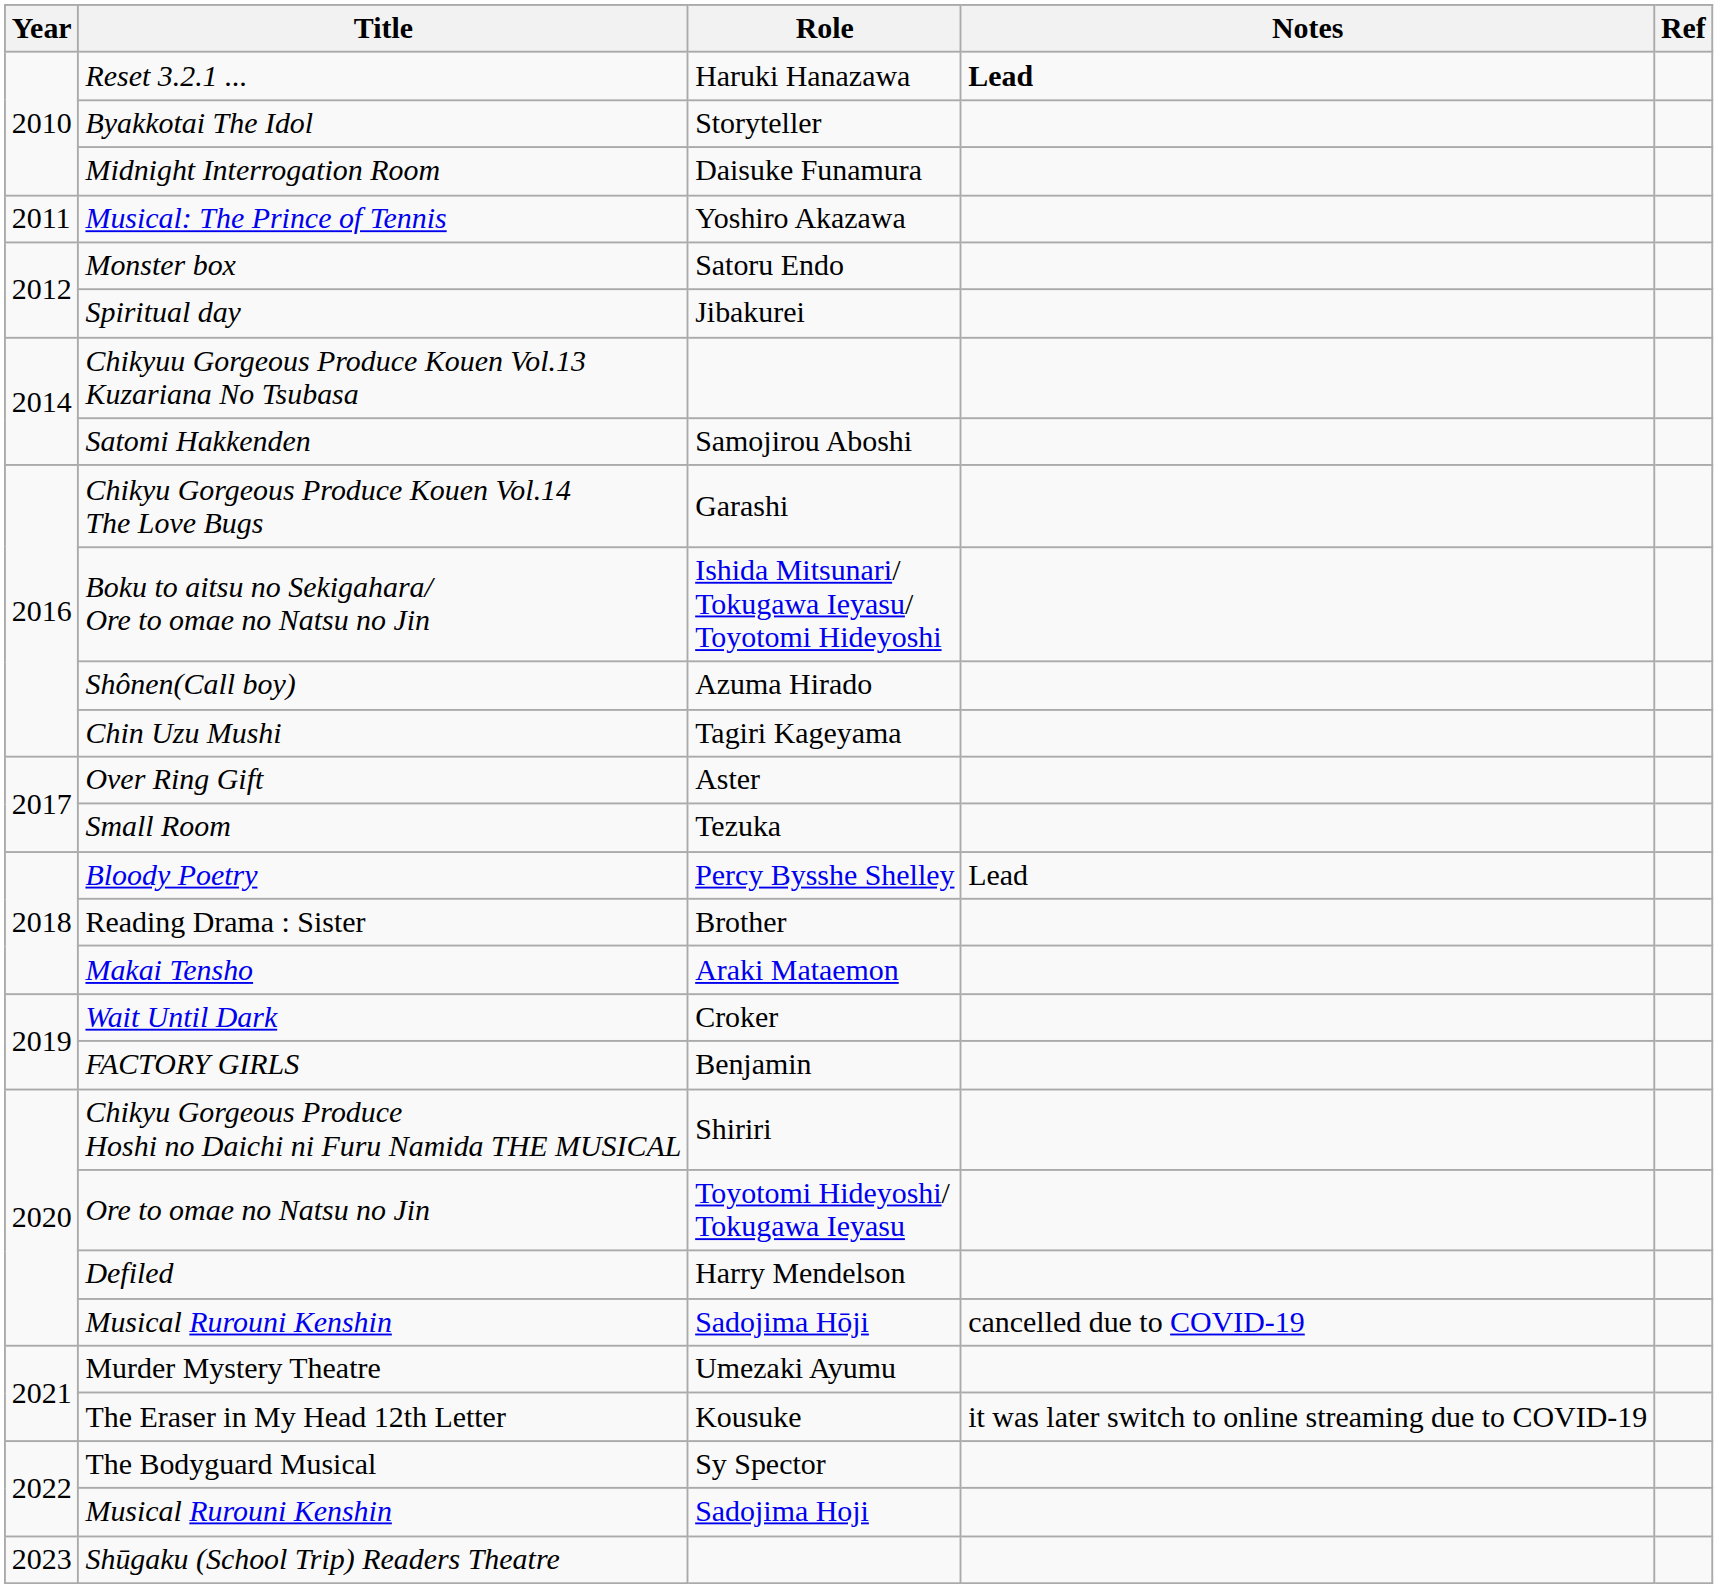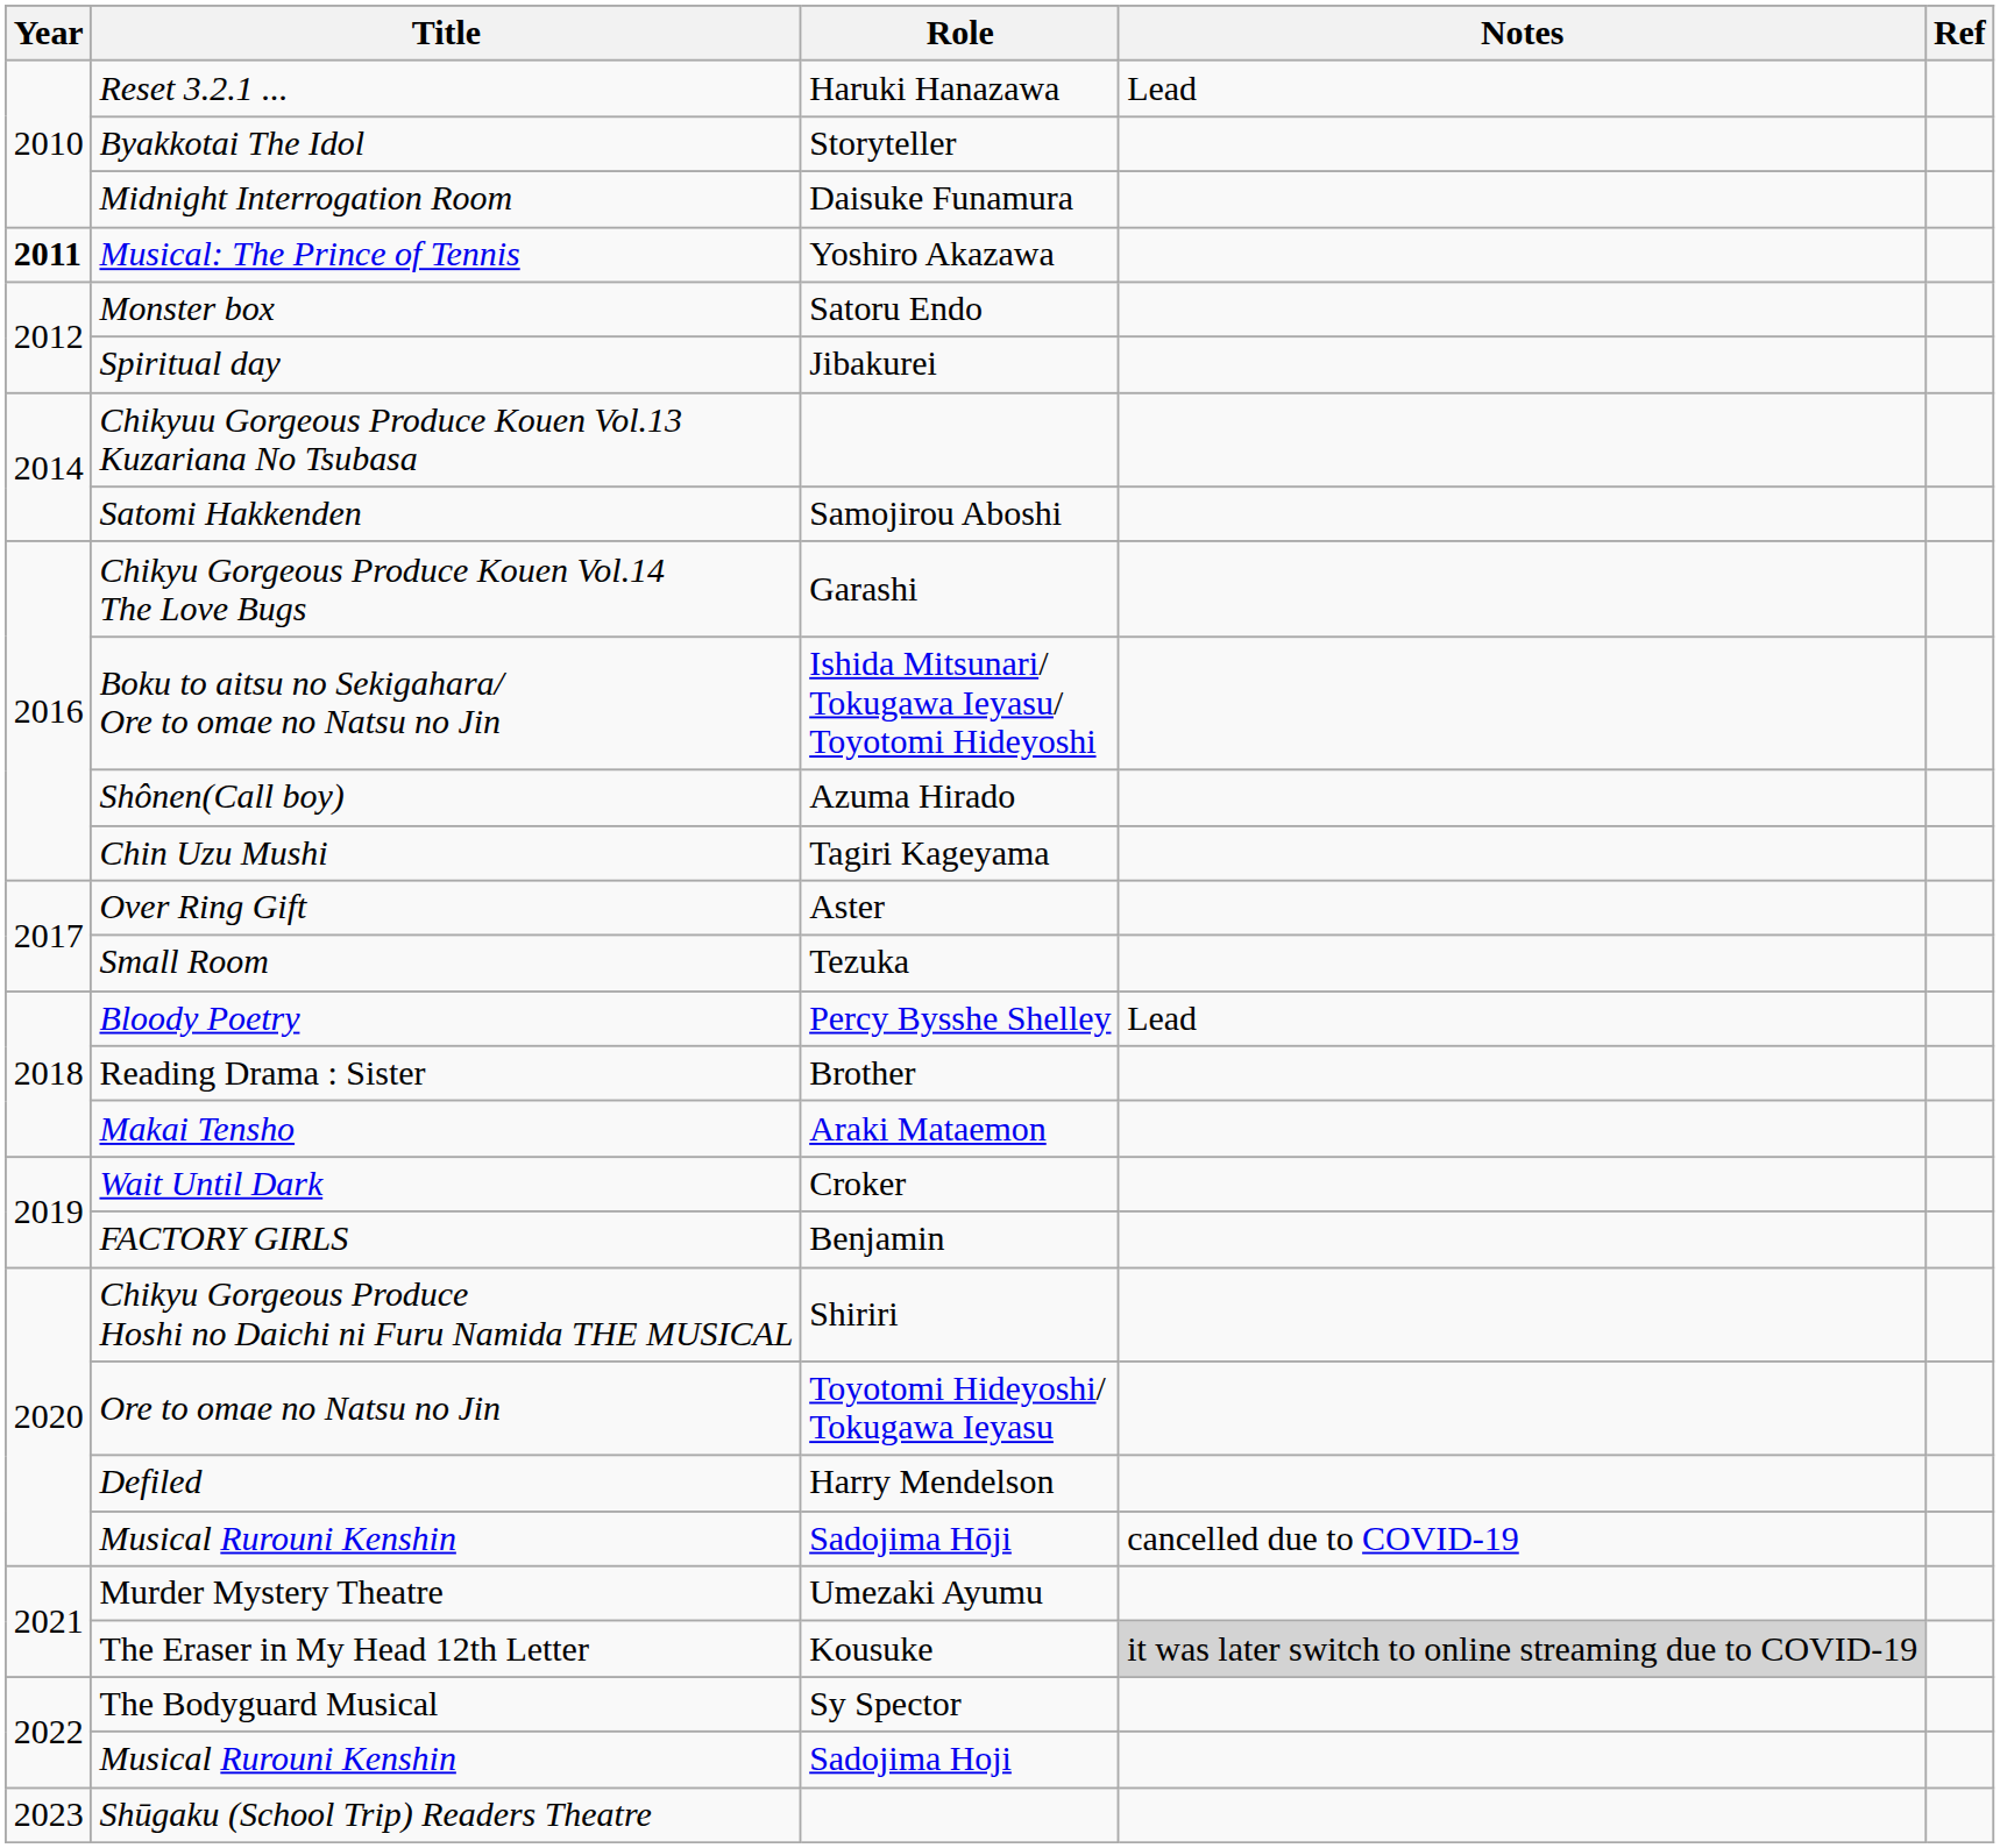 <table class="wikitable">
 <tr>
 <th>Year</th>
 <th>Title</th>
 <th>Role</th>
 <th>Notes</th>
 <th>Ref</th>
 </tr>
 <tr>
 <td rowspan="3">2010</td>
 <td><em>Reset 3.2.1 ...</em></td>
 <td>Haruki Hanazawa</td>
-<td><strong>Lead</strong></td>
+<td>Lead</td>
 <td></td>
 </tr>
 <tr>
 <td><em>Byakkotai The Idol</em></td>
 <td>Storyteller</td>
 <td></td>
 <td></td>
 </tr>
 <tr>
 <td><em>Midnight Interrogation Room</em></td>
 <td>Daisuke Funamura</td>
 <td></td>
 <td></td>
 </tr>
 <tr>
-<td>2011</td>
+<td><strong>2011</strong></td>
 <td><em><a href='#'>Musical: The Prince of Tennis</a></em></td>
 <td>Yoshiro Akazawa</td>
 <td></td>
 <td></td>
 </tr>
 <tr>
 <td rowspan="2">2012</td>
 <td><em>Monster box</em></td>
 <td>Satoru Endo</td>
 <td></td>
 <td></td>
 </tr>
 <tr>
 <td><em>Spiritual day</em></td>
 <td>Jibakurei</td>
 <td></td>
 <td></td>
 </tr>
 <tr>
 <td rowspan="2">2014</td>
 <td><em>Chikyuu Gorgeous Produce Kouen Vol.13</em><br><em>Kuzariana No Tsubasa</em></td>
 <td></td>
 <td></td>
 <td></td>
 </tr>
 <tr>
 <td><em>Satomi Hakkenden</em></td>
 <td>Samojirou Aboshi</td>
 <td></td>
 <td></td>
 </tr>
 <tr>
 <td rowspan="4">2016</td>
 <td><em>Chikyu Gorgeous Produce Kouen Vol.14</em><br><em>The Love Bugs</em></td>
 <td>Garashi</td>
 <td></td>
 <td></td>
 </tr>
 <tr>
 <td><em>Boku to aitsu no Sekigahara/</em><br><em>Ore to omae no Natsu no Jin</em></td>
 <td><a href='#'>Ishida Mitsunari</a>/<br><a href='#'>Tokugawa Ieyasu</a>/<br><a href='#'>Toyotomi Hideyoshi</a></td>
 <td></td>
 <td></td>
 </tr>
 <tr>
 <td><em>Shônen(Call boy)</em></td>
 <td>Azuma Hirado</td>
 <td></td>
 <td></td>
 </tr>
 <tr>
 <td><em>Chin Uzu Mushi</em></td>
 <td>Tagiri Kageyama</td>
 <td></td>
 <td></td>
 </tr>
 <tr>
 <td rowspan="2">2017</td>
 <td><em>Over Ring Gift</em></td>
 <td>Aster</td>
 <td></td>
 <td></td>
 </tr>
 <tr>
 <td><em>Small Room</em></td>
 <td>Tezuka</td>
 <td></td>
 <td></td>
 </tr>
 <tr>
 <td rowspan="3">2018</td>
 <td><em><a href='#'>Bloody Poetry</a></em></td>
 <td><a href='#'>Percy Bysshe Shelley</a></td>
 <td>Lead</td>
 <td></td>
 </tr>
 <tr>
 <td>Reading Drama : Sister</td>
 <td>Brother</td>
 <td></td>
 <td></td>
 </tr>
 <tr>
 <td><em><a href='#'>Makai Tensho</a></em></td>
 <td><a href='#'>Araki Mataemon</a></td>
 <td></td>
 <td></td>
 </tr>
 <tr>
 <td rowspan="2">2019</td>
 <td><em><a href='#'>Wait Until Dark</a></em></td>
 <td>Croker</td>
 <td></td>
 <td></td>
 </tr>
 <tr>
 <td><em>FACTORY GIRLS</em></td>
 <td>Benjamin</td>
 <td></td>
 <td></td>
 </tr>
 <tr>
 <td rowspan="4">2020</td>
 <td><em>Chikyu Gorgeous Produce</em><br><em>Hoshi no Daichi ni Furu Namida THE MUSICAL</em></td>
 <td>Shiriri</td>
 <td></td>
 <td></td>
 </tr>
 <tr>
 <td><em>Ore to omae no Natsu no Jin</em></td>
 <td><a href='#'>Toyotomi Hideyoshi</a>/<br><a href='#'>Tokugawa Ieyasu</a></td>
 <td></td>
 <td></td>
 </tr>
 <tr>
 <td><em>Defiled</em></td>
 <td>Harry Mendelson</td>
 <td></td>
 <td></td>
 </tr>
 <tr>
 <td><em>Musical <a href='#'>Rurouni Kenshin</a></em></td>
 <td><a href='#'>Sadojima Hōji</a></td>
 <td>cancelled due to <a href='#'>COVID-19</a></td>
 <td></td>
 </tr>
 <tr>
 <td rowspan="2">2021</td>
 <td>Murder Mystery Theatre</td>
 <td>Umezaki Ayumu</td>
 <td></td>
 <td></td>
 </tr>
 <tr>
 <td>The Eraser in My Head 12th Letter</td>
 <td>Kousuke</td>
-<td>it was later switch to online streaming due to COVID-19</td>
+<td style="background: lightgrey;">it was later switch to online streaming due to COVID-19</td>
 <td></td>
 </tr>
 <tr>
 <td rowspan="2">2022</td>
 <td>The Bodyguard Musical</td>
 <td>Sy Spector</td>
 <td></td>
 <td></td>
 </tr>
 <tr>
 <td><em>Musical <a href='#'>Rurouni Kenshin</a></em></td>
 <td><a href='#'>Sadojima Hoji</a></td>
 <td></td>
 <td></td>
 </tr>
 <tr>
 <td>2023</td>
 <td><em>Shūgaku (School Trip) Readers Theatre</em></td>
 <td></td>
 <td></td>
 <td></td>
 </tr>
 </table>
